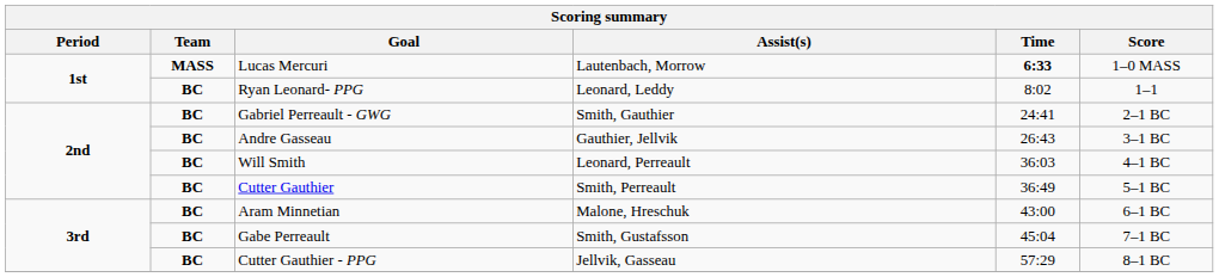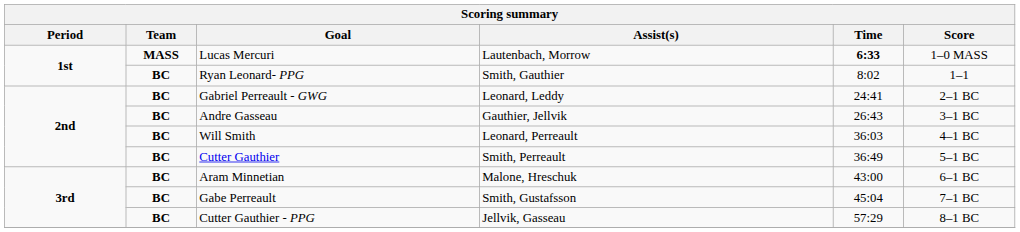 <table style="width:100%;" class="wikitable">
 <tr>
 <th colspan=6>Scoring summary</th>
 </tr>
 <tr>
 <th style="width:12%;">Period</th>
 <th style="width:7%;">Team</th>
 <th style="width:28%;">Goal</th>
 <th style="width:35%;">Assist(s)</th>
 <th style="width:7%;">Time</th>
 <th style="width:11%;">Score</th>
 </tr>
 <tr>
 <td style="text-align:center;" rowspan="2"><strong>1st</strong></td>
 <td align=center><strong>MASS</strong></td>
 <td>Lucas Mercuri</td>
 <td>Lautenbach, Morrow</td>
 <td align=center><strong>6:33</strong></td>
 <td align=center>1–0 MASS</td>
 </tr>
 <tr>
 <td align=center><strong>BC</strong></td>
 <td>Ryan Leonard- <em>PPG</em></td>
-<td>Leonard, Leddy</td>
+<td>Smith, Gauthier</td>
 <td align=center>8:02</td>
 <td align=center>1–1</td>
 </tr>
 <tr>
 <td style="text-align:center;" rowspan="4"><strong>2nd</strong></td>
 <td align=center><strong>BC</strong></td>
 <td>Gabriel Perreault - <em>GWG</em></td>
-<td>Smith, Gauthier</td>
+<td>Leonard, Leddy</td>
 <td align=center>24:41</td>
 <td align=center>2–1 BC</td>
 </tr>
 <tr>
 <td align=center><strong>BC</strong></td>
 <td>Andre Gasseau</td>
 <td>Gauthier, Jellvik</td>
 <td align=center>26:43</td>
 <td align=center>3–1 BC</td>
 </tr>
 <tr>
 <td align=center><strong>BC</strong></td>
 <td>Will Smith</td>
 <td>Leonard, Perreault</td>
 <td align=center>36:03</td>
 <td align=center>4–1 BC</td>
 </tr>
 <tr>
 <td align=center><strong>BC</strong></td>
 <td><a href='#'>Cutter Gauthier</a></td>
 <td>Smith, Perreault</td>
 <td align=center>36:49</td>
 <td align=center>5–1 BC</td>
 </tr>
 <tr>
 <td style="text-align:center;" rowspan="3"><strong>3rd</strong></td>
 <td align=center><strong>BC</strong></td>
 <td>Aram Minnetian</td>
 <td>Malone, Hreschuk</td>
 <td align=center>43:00</td>
 <td align=center>6–1 BC</td>
 </tr>
 <tr>
 <td align=center><strong>BC</strong></td>
 <td>Gabe Perreault</td>
 <td>Smith, Gustafsson</td>
 <td align=center>45:04</td>
 <td align=center>7–1 BC</td>
 </tr>
 <tr>
 <td align=center><strong>BC</strong></td>
 <td>Cutter Gauthier - <em>PPG</em></td>
 <td>Jellvik, Gasseau</td>
 <td align=center>57:29</td>
 <td align=center>8–1 BC</td>
 </tr>
 <tr>
 </tr>
 </table>
